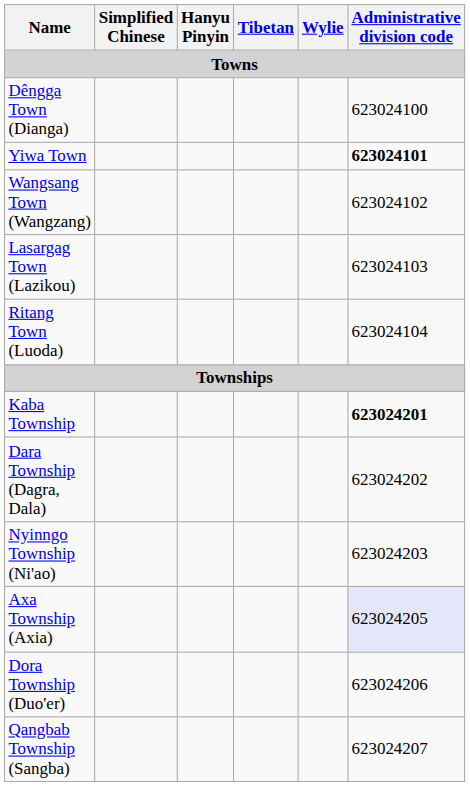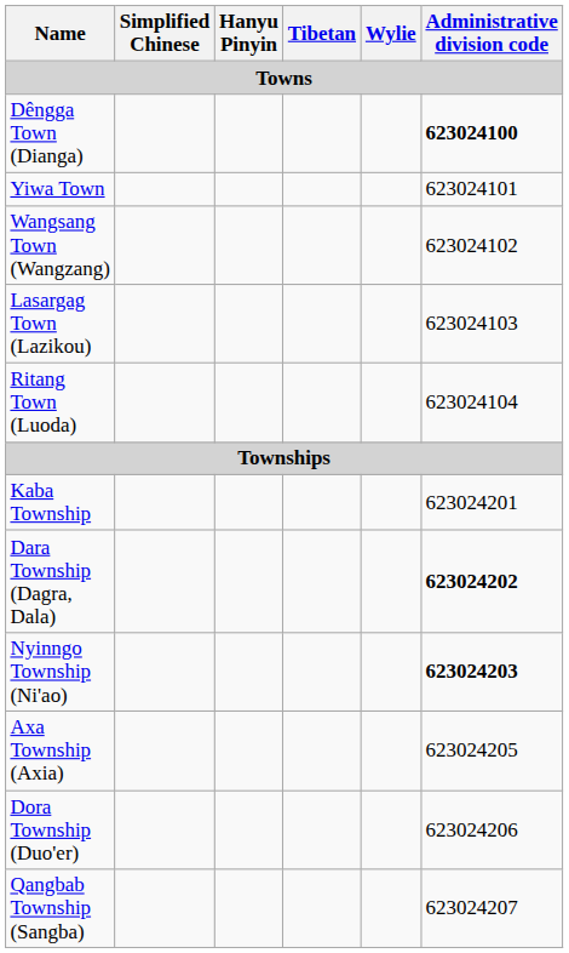 <table class="wikitable" align="center" style="width:50%; border="1">
 <tr>
 <th>Name</th>
 <th>Simplified Chinese</th>
 <th>Hanyu Pinyin</th>
 <th><a href='#'>Tibetan</a></th>
 <th><a href='#'>Wylie</a></th>
 <th><a href='#'>Administrative division code</a></th>
 </tr>
 <tr>
 <td colspan="7"  style="text-align:center; background:#d3d3d3;"><strong>Towns</strong></td>
 </tr>
 <tr --------->
 <td><a href='#'>Dêngga Town</a><br>(Dianga)</td>
 <td></td>
 <td></td>
 <td></td>
 <td></td>
-<td>623024100</td>
+<td><strong>623024100</strong></td>
 </tr>
 <tr>
 <td><a href='#'>Yiwa Town</a></td>
 <td></td>
 <td></td>
 <td></td>
 <td></td>
-<td><strong>623024101</strong></td>
+<td>623024101</td>
 </tr>
 <tr>
 <td><a href='#'>Wangsang Town</a><br>(Wangzang)</td>
 <td></td>
 <td></td>
 <td></td>
 <td></td>
 <td>623024102</td>
 </tr>
 <tr>
 <td><a href='#'>Lasargag Town</a><br>(Lazikou)</td>
 <td></td>
 <td></td>
 <td></td>
 <td></td>
 <td>623024103</td>
 </tr>
 <tr>
 <td><a href='#'>Ritang Town</a><br>(Luoda)</td>
 <td></td>
 <td></td>
 <td></td>
 <td></td>
 <td>623024104</td>
 </tr>
 <tr>
 <td colspan="7"  style="text-align:center; background:#d3d3d3;"><strong>Townships</strong></td>
 </tr>
 <tr --------->
 <td><a href='#'>Kaba Township</a></td>
 <td></td>
 <td></td>
 <td></td>
 <td></td>
-<td><strong>623024201</strong></td>
+<td>623024201</td>
 </tr>
 <tr>
 <td><a href='#'>Dara Township</a><br>(Dagra, Dala)</td>
 <td></td>
 <td></td>
 <td></td>
 <td></td>
-<td>623024202</td>
+<td><strong>623024202</strong></td>
 </tr>
 <tr>
 <td><a href='#'>Nyinngo Township</a><br>(Ni'ao)</td>
 <td></td>
 <td></td>
 <td></td>
 <td></td>
-<td>623024203</td>
+<td><strong>623024203</strong></td>
 </tr>
 <tr>
 <td><a href='#'>Axa Township</a><br>(Axia)</td>
 <td></td>
 <td></td>
 <td></td>
 <td></td>
-<td style="background: lavender;">623024205</td>
+<td>623024205</td>
 </tr>
 <tr>
 <td><a href='#'>Dora Township</a><br>(Duo'er)</td>
 <td></td>
 <td></td>
 <td></td>
 <td></td>
 <td>623024206</td>
 </tr>
 <tr>
 <td><a href='#'>Qangbab Township</a><br>(Sangba)</td>
 <td></td>
 <td></td>
 <td></td>
 <td></td>
 <td>623024207</td>
 </tr>
 <tr>
 </tr>
 </table>
